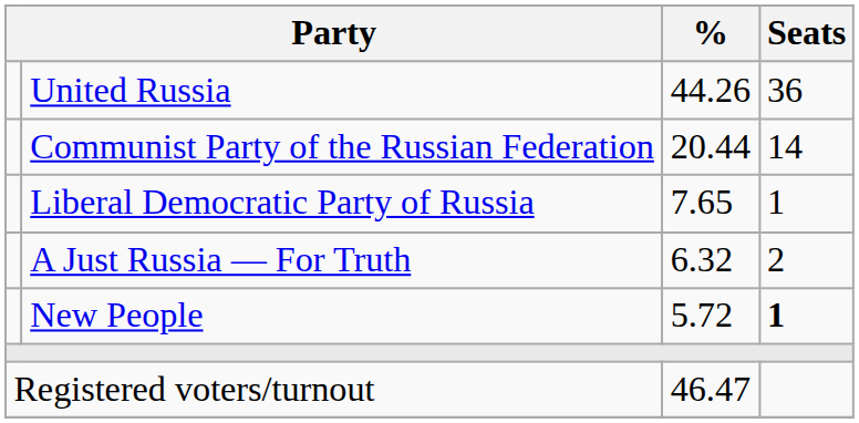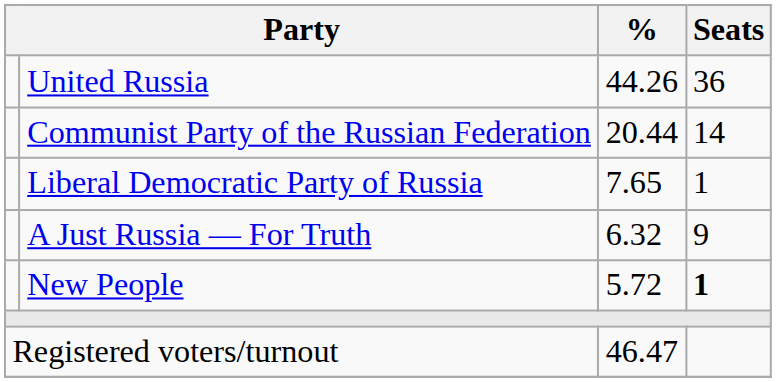 <table class="wikitable">
 <tr>
 <th colspan=2>Party</th>
 <th>%</th>
 <th>Seats</th>
 </tr>
 <tr>
 <td style="background:"></td>
 <td><a href='#'>United Russia</a></td>
 <td>44.26</td>
 <td>36</td>
 </tr>
 <tr>
 <td style="background:"></td>
 <td><a href='#'>Communist Party of the Russian Federation</a></td>
 <td>20.44</td>
 <td>14</td>
 </tr>
 <tr>
 <td style="background:"></td>
 <td><a href='#'>Liberal Democratic Party of Russia</a></td>
 <td>7.65</td>
 <td>1</td>
 </tr>
 <tr>
 <td style="background:"></td>
 <td><a href='#'>A Just Russia — For Truth</a></td>
 <td>6.32</td>
-<td>2</td>
+<td>9</td>
 </tr>
 <tr>
 <td style="background:"></td>
 <td><a href='#'>New People</a></td>
 <td>5.72</td>
 <td><strong>1</strong></td>
 </tr>
 <tr>
 <td colspan=4 style="background:#E9E9E9;"></td>
 </tr>
 <tr>
 <td align=left colspan=2>Registered voters/turnout</td>
 <td>46.47</td>
 <td></td>
 </tr>
 <tr>
 </tr>
 </table>
